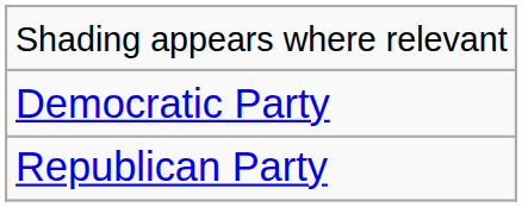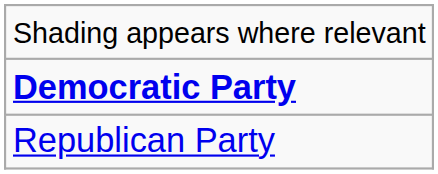 <table class="wikitable">
 <tr>
 <td><small>Shading appears where relevant</small></td>
 </tr>
 <tr>
-<td><a href='#'>Democratic Party</a></td>
+<td><strong><a href='#'>Democratic Party</a></strong></td>
 </tr>
 <tr>
 <td><a href='#'>Republican Party</a></td>
 </tr>
 </table>
